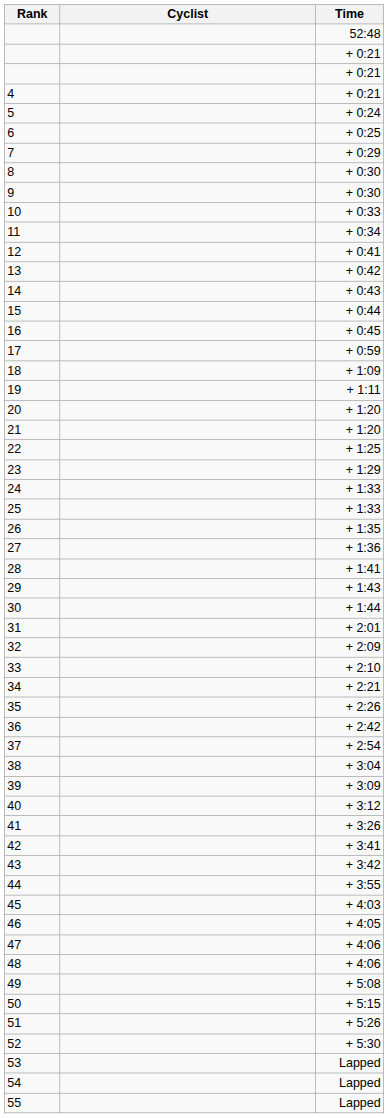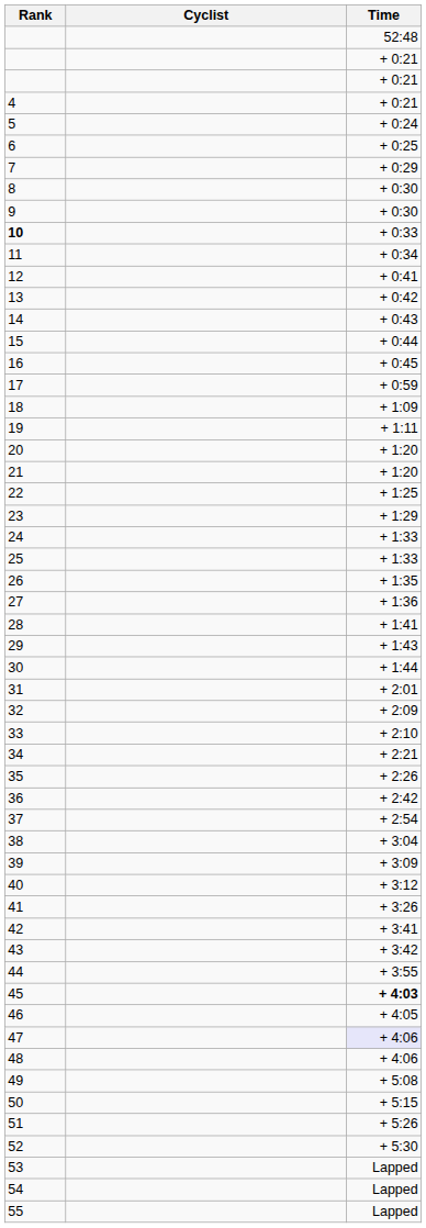 <table class="wikitable">
 <tr>
 <th style="width: 4em;">Rank</th>
 <th style="width: 20em;">Cyclist</th>
 <th style="width: 5em;">Time</th>
 </tr>
 <tr>
 <td></td>
 <td></td>
 <td align="right">52:48</td>
 </tr>
 <tr>
 <td></td>
 <td></td>
 <td align="right">+ 0:21</td>
 </tr>
 <tr>
 <td></td>
 <td></td>
 <td align="right">+ 0:21</td>
 </tr>
 <tr>
 <td>4</td>
 <td></td>
 <td align="right">+ 0:21</td>
 </tr>
 <tr>
 <td>5</td>
 <td></td>
 <td align="right">+ 0:24</td>
 </tr>
 <tr>
 <td>6</td>
 <td></td>
 <td align="right">+ 0:25</td>
 </tr>
 <tr>
 <td>7</td>
 <td></td>
 <td align="right">+ 0:29</td>
 </tr>
 <tr>
 <td>8</td>
 <td></td>
 <td align="right">+ 0:30</td>
 </tr>
 <tr>
 <td>9</td>
 <td></td>
 <td align="right">+ 0:30</td>
 </tr>
 <tr>
-<td>10</td>
+<td><strong>10</strong></td>
 <td></td>
 <td align="right">+ 0:33</td>
 </tr>
 <tr>
 <td>11</td>
 <td></td>
 <td align="right">+ 0:34</td>
 </tr>
 <tr>
 <td>12</td>
 <td></td>
 <td align="right">+ 0:41</td>
 </tr>
 <tr>
 <td>13</td>
 <td></td>
 <td align="right">+ 0:42</td>
 </tr>
 <tr>
 <td>14</td>
 <td></td>
 <td align="right">+ 0:43</td>
 </tr>
 <tr>
 <td>15</td>
 <td></td>
 <td align="right">+ 0:44</td>
 </tr>
 <tr>
 <td>16</td>
 <td></td>
 <td align="right">+ 0:45</td>
 </tr>
 <tr>
 <td>17</td>
 <td></td>
 <td align="right">+ 0:59</td>
 </tr>
 <tr>
 <td>18</td>
 <td></td>
 <td align="right">+ 1:09</td>
 </tr>
 <tr>
 <td>19</td>
 <td></td>
 <td align="right">+ 1:11</td>
 </tr>
 <tr>
 <td>20</td>
 <td></td>
 <td align="right">+ 1:20</td>
 </tr>
 <tr>
 <td>21</td>
 <td></td>
 <td align="right">+ 1:20</td>
 </tr>
 <tr>
 <td>22</td>
 <td></td>
 <td align="right">+ 1:25</td>
 </tr>
 <tr>
 <td>23</td>
 <td></td>
 <td align="right">+ 1:29</td>
 </tr>
 <tr>
 <td>24</td>
 <td></td>
 <td align="right">+ 1:33</td>
 </tr>
 <tr>
 <td>25</td>
 <td></td>
 <td align="right">+ 1:33</td>
 </tr>
 <tr>
 <td>26</td>
 <td></td>
 <td align="right">+ 1:35</td>
 </tr>
 <tr>
 <td>27</td>
 <td></td>
 <td align="right">+ 1:36</td>
 </tr>
 <tr>
 <td>28</td>
 <td></td>
 <td align="right">+ 1:41</td>
 </tr>
 <tr>
 <td>29</td>
 <td></td>
 <td align="right">+ 1:43</td>
 </tr>
 <tr>
 <td>30</td>
 <td></td>
 <td align="right">+ 1:44</td>
 </tr>
 <tr>
 <td>31</td>
 <td></td>
 <td align="right">+ 2:01</td>
 </tr>
 <tr>
 <td>32</td>
 <td></td>
 <td align="right">+ 2:09</td>
 </tr>
 <tr>
 <td>33</td>
 <td></td>
 <td align="right">+ 2:10</td>
 </tr>
 <tr>
 <td>34</td>
 <td></td>
 <td align="right">+ 2:21</td>
 </tr>
 <tr>
 <td>35</td>
 <td></td>
 <td align="right">+ 2:26</td>
 </tr>
 <tr>
 <td>36</td>
 <td></td>
 <td align="right">+ 2:42</td>
 </tr>
 <tr>
 <td>37</td>
 <td></td>
 <td align="right">+ 2:54</td>
 </tr>
 <tr>
 <td>38</td>
 <td></td>
 <td align="right">+ 3:04</td>
 </tr>
 <tr>
 <td>39</td>
 <td></td>
 <td align="right">+ 3:09</td>
 </tr>
 <tr>
 <td>40</td>
 <td></td>
 <td align="right">+ 3:12</td>
 </tr>
 <tr>
 <td>41</td>
 <td></td>
 <td align="right">+ 3:26</td>
 </tr>
 <tr>
 <td>42</td>
 <td></td>
 <td align="right">+ 3:41</td>
 </tr>
 <tr>
 <td>43</td>
 <td></td>
 <td align="right">+ 3:42</td>
 </tr>
 <tr>
 <td>44</td>
 <td></td>
 <td align="right">+ 3:55</td>
 </tr>
 <tr>
 <td>45</td>
 <td></td>
-<td align="right">+ 4:03</td>
+<td align="right"><strong>+ 4:03</strong></td>
 </tr>
 <tr>
 <td>46</td>
 <td></td>
 <td align="right">+ 4:05</td>
 </tr>
 <tr>
 <td>47</td>
 <td></td>
-<td align="right">+ 4:06</td>
+<td align="right" style="background: lavender;">+ 4:06</td>
 </tr>
 <tr>
 <td>48</td>
 <td></td>
 <td align="right">+ 4:06</td>
 </tr>
 <tr>
 <td>49</td>
 <td></td>
 <td align="right">+ 5:08</td>
 </tr>
 <tr>
 <td>50</td>
 <td></td>
 <td align="right">+ 5:15</td>
 </tr>
 <tr>
 <td>51</td>
 <td></td>
 <td align="right">+ 5:26</td>
 </tr>
 <tr>
 <td>52</td>
 <td></td>
 <td align="right">+ 5:30</td>
 </tr>
 <tr>
 <td>53</td>
 <td></td>
 <td align="right">Lapped</td>
 </tr>
 <tr>
 <td>54</td>
 <td></td>
 <td align="right">Lapped</td>
 </tr>
 <tr>
 <td>55</td>
 <td></td>
 <td align="right">Lapped</td>
 </tr>
 </table>
